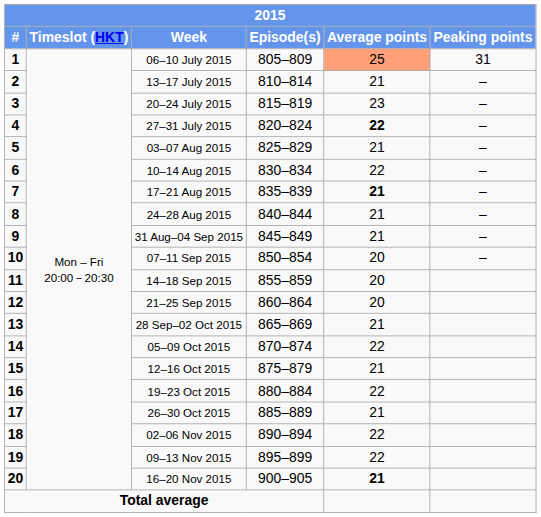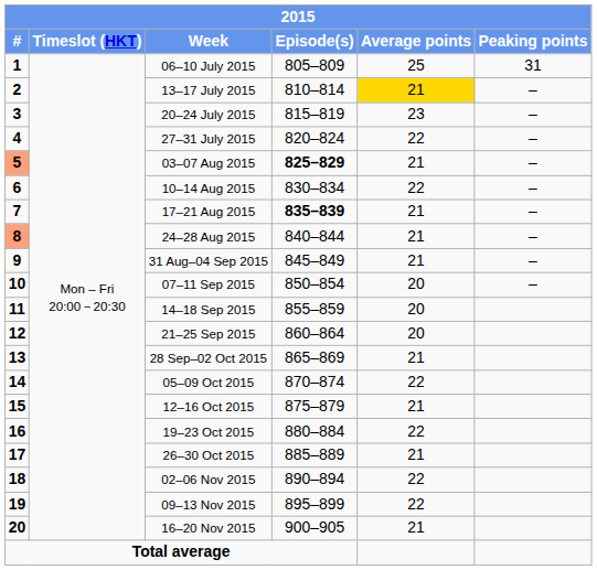 <table class="wikitable" style="text-align:center;">
 <tr style="background:cornflowerblue; color:white" align="center">
 </tr>
 <tr>
 <th style="background:cornflowerblue; color:white" align="center"; colspan="6">2015</th>
 </tr>
 <tr>
 <th style="background:cornflowerblue; color:white" align="center">#</th>
 <th style="background:cornflowerblue; color:white" align="center">Timeslot (<a href='#'>HKT</a>)</th>
 <th style="background:cornflowerblue; color:white" align="center">Week</th>
 <th style="background:cornflowerblue; color:white" align="center">Episode(s)</th>
 <th style="background:cornflowerblue; color:white" align="center">Average points</th>
 <th style="background:cornflowerblue; color:white" align="center">Peaking points</th>
 </tr>
 <tr>
 <td><strong>1</strong></td>
 <td rowspan="20"><small>Mon – Fri<br>20:00－20:30</small></td>
 <td><small>06–10 July 2015</small></td>
 <td>805–809</td>
-<td style="background: lightsalmon;">25</td>
+<td>25</td>
 <td>31</td>
 </tr>
 <tr>
 <td><strong>2</strong></td>
 <td><small>13–17 July 2015</small></td>
 <td>810–814</td>
-<td>21</td>
+<td style="background: gold;">21</td>
 <td>–</td>
 </tr>
 <tr>
 <td><strong>3</strong></td>
 <td><small>20–24 July 2015</small></td>
 <td>815–819</td>
 <td>23</td>
 <td>–</td>
 </tr>
 <tr>
 <td><strong>4</strong></td>
 <td><small>27–31 July 2015</small></td>
 <td>820–824</td>
-<td><strong>22</strong></td>
+<td>22</td>
 <td>–</td>
 </tr>
 <tr>
-<td><strong>5</strong></td>
+<td style="background: lightsalmon;"><strong>5</strong></td>
 <td><small>03–07 Aug 2015</small></td>
-<td>825–829</td>
+<td><strong>825–829</strong></td>
 <td>21</td>
 <td>–</td>
 </tr>
 <tr>
 <td><strong>6</strong></td>
 <td><small>10–14 Aug 2015</small></td>
 <td>830–834</td>
 <td>22</td>
 <td>–</td>
 </tr>
 <tr>
 <td><strong>7</strong></td>
 <td><small>17–21 Aug 2015</small></td>
-<td>835–839</td>
-<td><strong>21</strong></td>
+<td><strong>835–839</strong></td>
+<td>21</td>
 <td>–</td>
 </tr>
 <tr>
-<td><strong>8</strong></td>
+<td style="background: lightsalmon;"><strong>8</strong></td>
 <td><small>24–28 Aug 2015</small></td>
 <td>840–844</td>
 <td>21</td>
 <td>–</td>
 </tr>
 <tr>
 <td><strong>9</strong></td>
 <td><small>31 Aug–04 Sep 2015</small></td>
 <td>845–849</td>
 <td>21</td>
 <td>–</td>
 </tr>
 <tr>
 <td><strong>10</strong></td>
 <td><small>07–11 Sep 2015</small></td>
 <td>850–854</td>
 <td>20</td>
 <td>–</td>
 </tr>
 <tr>
 <td><strong>11</strong></td>
 <td><small>14–18 Sep 2015</small></td>
 <td>855–859</td>
 <td>20</td>
 <td></td>
 </tr>
 <tr>
 <td><strong>12</strong></td>
 <td><small>21–25 Sep 2015</small></td>
 <td>860–864</td>
 <td>20</td>
 <td></td>
 </tr>
 <tr>
 <td><strong>13</strong></td>
 <td><small>28 Sep–02 Oct 2015</small></td>
 <td>865–869</td>
 <td>21</td>
 <td></td>
 </tr>
 <tr>
 <td><strong>14</strong></td>
 <td><small>05–09 Oct 2015</small></td>
 <td>870–874</td>
 <td>22</td>
 <td></td>
 </tr>
 <tr>
 <td><strong>15</strong></td>
 <td><small>12–16 Oct 2015</small></td>
 <td>875–879</td>
 <td>21</td>
 <td></td>
 </tr>
 <tr>
 <td><strong>16</strong></td>
 <td><small>19–23 Oct 2015</small></td>
 <td>880–884</td>
 <td>22</td>
 <td></td>
 </tr>
 <tr>
 <td><strong>17</strong></td>
 <td><small>26–30 Oct 2015</small></td>
 <td>885–889</td>
 <td>21</td>
 <td></td>
 </tr>
 <tr>
 <td><strong>18</strong></td>
 <td><small>02–06 Nov 2015</small></td>
 <td>890–894</td>
 <td>22</td>
 <td></td>
 </tr>
 <tr>
 <td><strong>19</strong></td>
 <td><small>09–13 Nov 2015</small></td>
 <td>895–899</td>
 <td>22</td>
 <td></td>
 </tr>
 <tr>
 <td><strong>20</strong></td>
 <td><small>16–20 Nov 2015</small></td>
 <td>900–905</td>
-<td><strong>21</strong></td>
+<td>21</td>
 <td></td>
 </tr>
 <tr>
 <td colspan="4"><strong>Total average</strong></td>
 <td></td>
 <td></td>
 </tr>
 </table>
